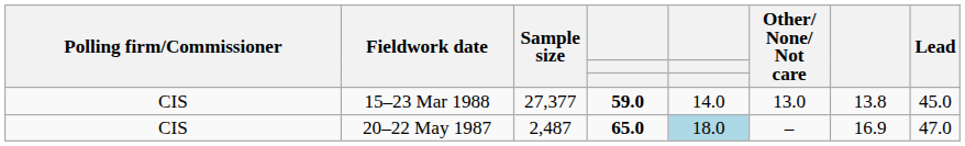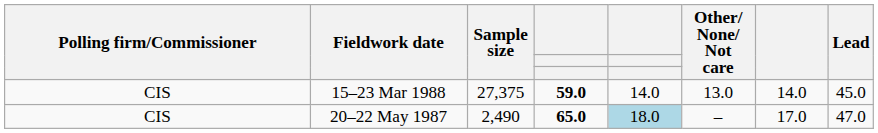 <table class="wikitable collapsible collapsed" style="text-align:center; font-size:90%; line-height:14px;">
 <tr style="height:42px;">
 <th style="width:250px;" rowspan="3">Polling firm/Commissioner</th>
 <th style="width:125px;" rowspan="3">Fieldwork date</th>
 <th style="width:50px;" rowspan="3">Sample size</th>
 <th style="width:55px;"></th>
 <th style="width:55px;"></th>
 <th style="width:55px;" rowspan="3">Other/<br>None/<br>Not<br>care</th>
 <th style="width:55px;" rowspan="3"></th>
 <th style="width:30px;" rowspan="3">Lead</th>
 </tr>
 <tr>
 <th style="color:inherit;background:"></th>
 <th style="color:inherit;background:"></th>
 </tr>
 <tr>
 <th></th>
 <th></th>
 </tr>
 <tr>
 <td>CIS</td>
 <td>15–23 Mar 1988</td>
-<td>27,377</td>
+<td>27,375</td>
 <td><strong>59.0</strong></td>
 <td>14.0</td>
 <td>13.0</td>
-<td>13.8</td>
+<td>14.0</td>
 <td style="background:">45.0</td>
 </tr>
 <tr>
 <td>CIS</td>
 <td>20–22 May 1987</td>
-<td>2,487</td>
+<td>2,490</td>
 <td><strong>65.0</strong></td>
 <td style="background: lightblue;">18.0</td>
 <td>–</td>
-<td>16.9</td>
+<td>17.0</td>
 <td style="background:">47.0</td>
 </tr>
 </table>
